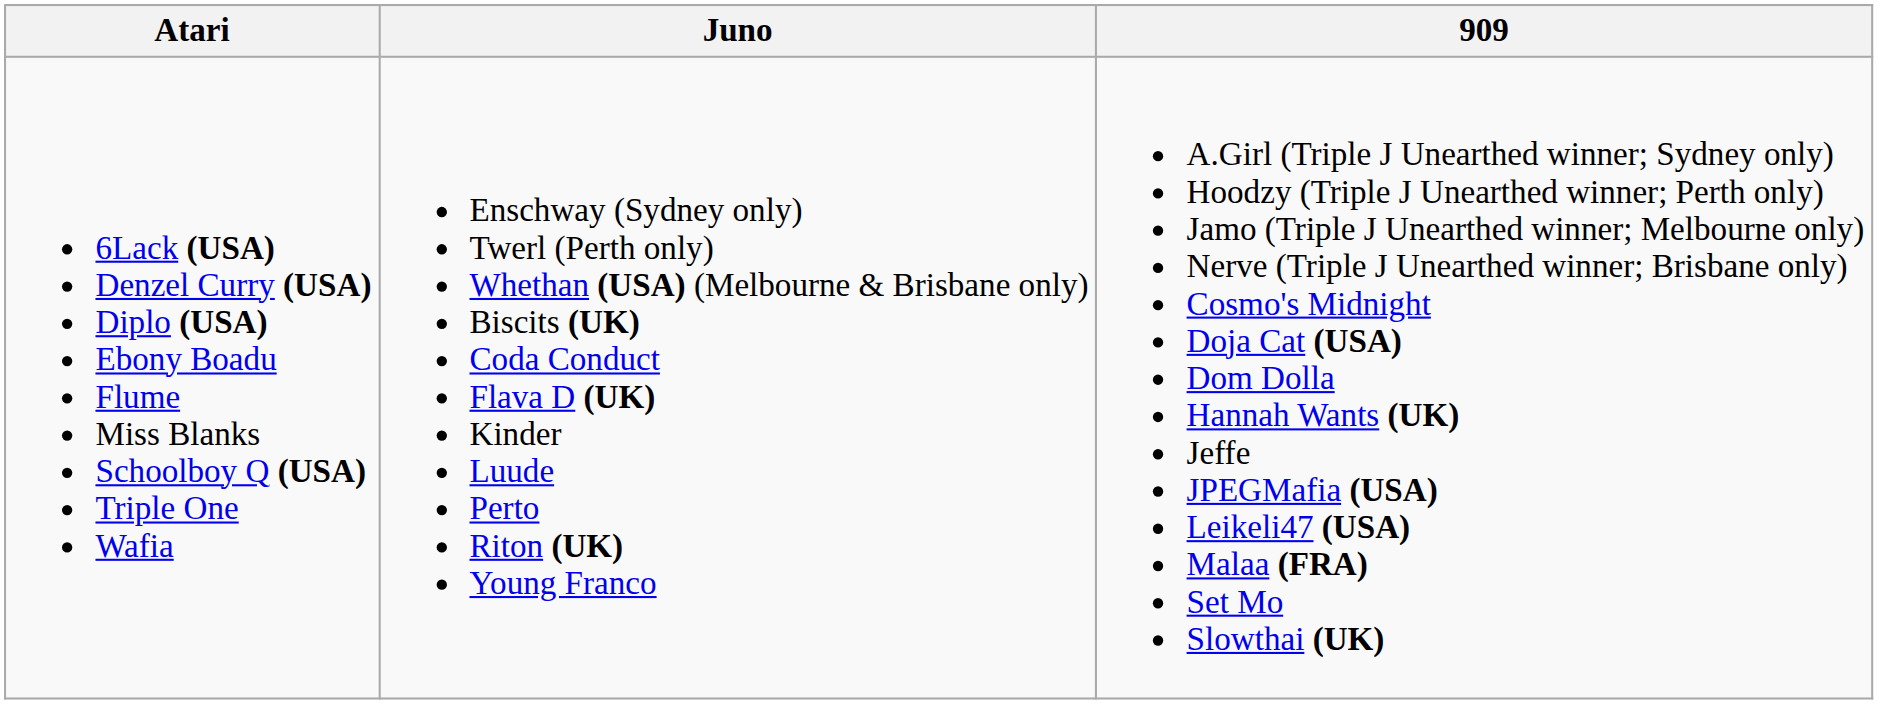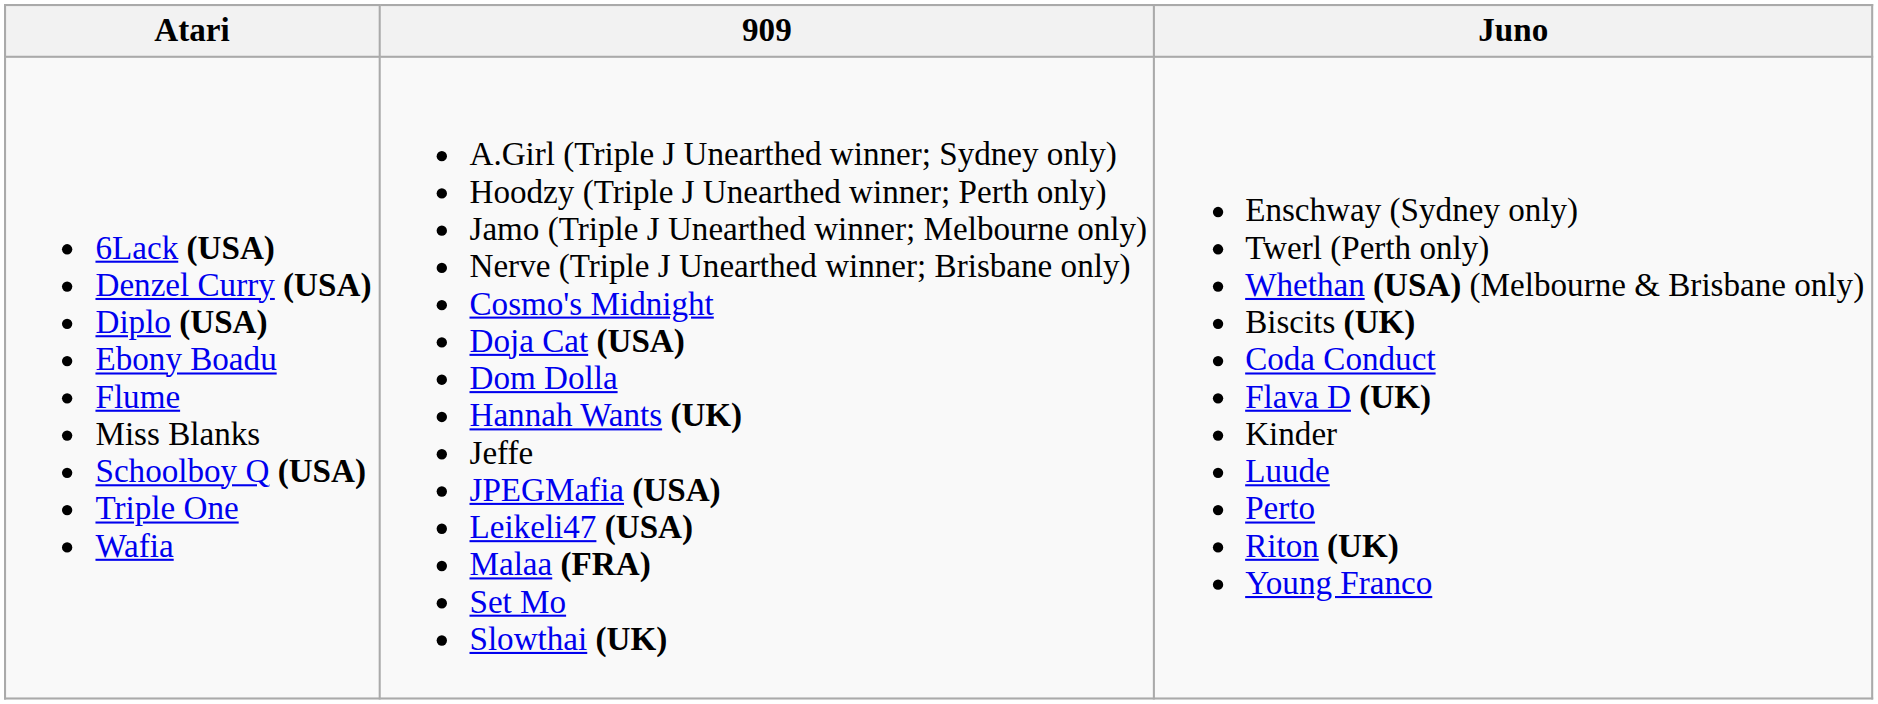 <table class="wikitable">
 <tr>
 <th>Atari</th>
+<th>909</th>
 <th>Juno</th>
-<th>909</th>
 </tr>
 <tr>
 <td><br><ul><li><a href='#'>6Lack</a> <strong>(USA)</strong></li><li><a href='#'>Denzel Curry</a> <strong>(USA)</strong></li><li><a href='#'>Diplo</a> <strong>(USA)</strong></li><li><a href='#'>Ebony Boadu</a></li><li><a href='#'>Flume</a></li><li>Miss Blanks</li><li><a href='#'>Schoolboy Q</a> <strong>(USA)</strong></li><li><a href='#'>Triple One</a></li><li><a href='#'>Wafia</a></li></ul></td>
+<td><br><ul><li>A.Girl (Triple J Unearthed winner; Sydney only)</li><li>Hoodzy (Triple J Unearthed winner; Perth only)</li><li>Jamo (Triple J Unearthed winner; Melbourne only)</li><li>Nerve (Triple J Unearthed winner; Brisbane only)</li><li><a href='#'>Cosmo's Midnight</a></li><li><a href='#'>Doja Cat</a> <strong>(USA)</strong></li><li><a href='#'>Dom Dolla</a></li><li><a href='#'>Hannah Wants</a> <strong>(UK)</strong></li><li>Jeffe</li><li><a href='#'>JPEGMafia</a> <strong>(USA)</strong></li><li><a href='#'>Leikeli47</a> <strong>(USA)</strong></li><li><a href='#'>Malaa</a> <strong>(FRA)</strong></li><li><a href='#'>Set Mo</a></li><li><a href='#'>Slowthai</a> <strong>(UK)</strong></li></ul></td>
 <td><br><ul><li>Enschway (Sydney only)</li><li>Twerl (Perth only)</li><li><a href='#'>Whethan</a> <strong>(USA)</strong> (Melbourne & Brisbane only)</li><li>Biscits <strong>(UK)</strong></li><li><a href='#'>Coda Conduct</a></li><li><a href='#'>Flava D</a> <strong>(UK)</strong></li><li>Kinder</li><li><a href='#'>Luude</a></li><li><a href='#'>Perto</a></li><li><a href='#'>Riton</a> <strong>(UK)</strong></li><li><a href='#'>Young Franco</a></li></ul></td>
-<td><br><ul><li>A.Girl (Triple J Unearthed winner; Sydney only)</li><li>Hoodzy (Triple J Unearthed winner; Perth only)</li><li>Jamo (Triple J Unearthed winner; Melbourne only)</li><li>Nerve (Triple J Unearthed winner; Brisbane only)</li><li><a href='#'>Cosmo's Midnight</a></li><li><a href='#'>Doja Cat</a> <strong>(USA)</strong></li><li><a href='#'>Dom Dolla</a></li><li><a href='#'>Hannah Wants</a> <strong>(UK)</strong></li><li>Jeffe</li><li><a href='#'>JPEGMafia</a> <strong>(USA)</strong></li><li><a href='#'>Leikeli47</a> <strong>(USA)</strong></li><li><a href='#'>Malaa</a> <strong>(FRA)</strong></li><li><a href='#'>Set Mo</a></li><li><a href='#'>Slowthai</a> <strong>(UK)</strong></li></ul></td>
 </tr>
 </table>
